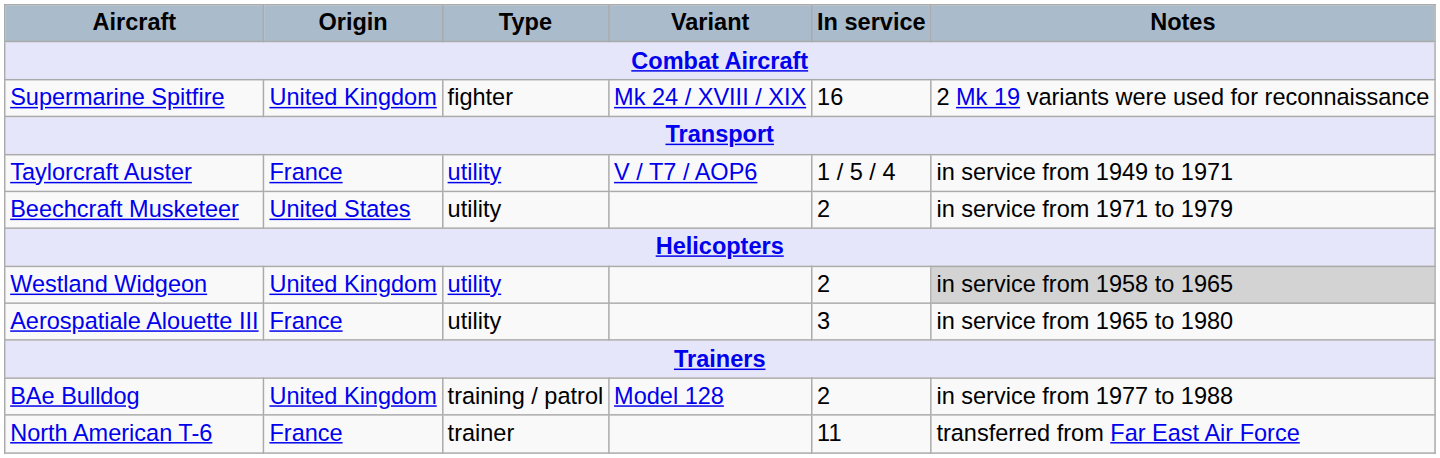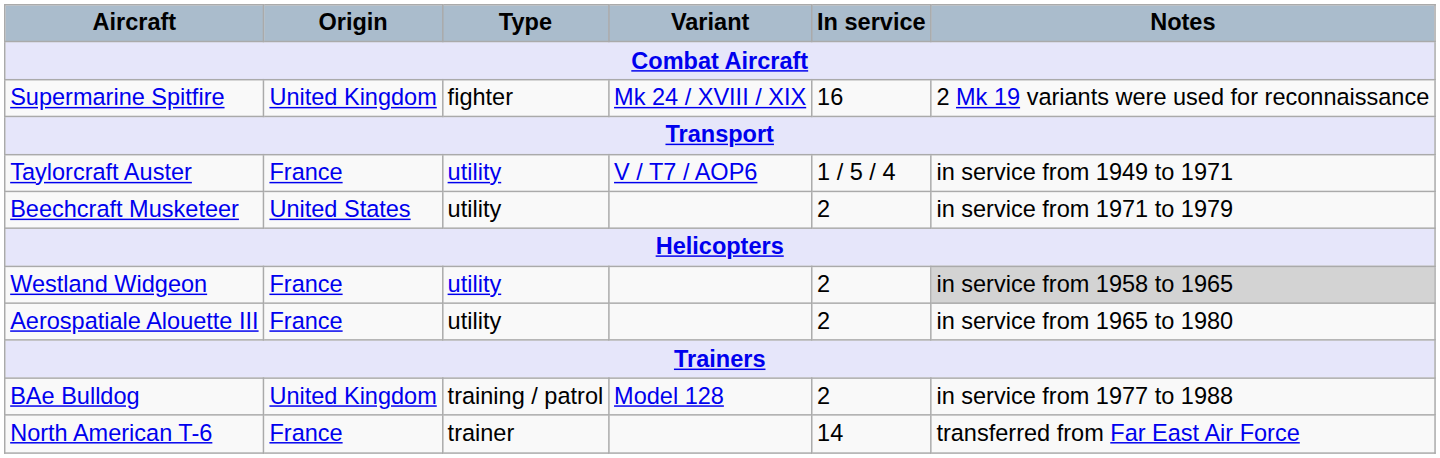 <table class="wikitable">
 <tr>
 <th style="text-align:center; background:#aabccc;">Aircraft</th>
 <th style="text-align:center; background:#aabccc;">Origin</th>
 <th ! style="text-align:center; background:#aabccc;">Type</th>
 <th style="text-align:center; background:#aabccc;">Variant</th>
 <th style="text-align:center; background:#aabccc;">In service</th>
 <th style="text-align:center; background:#aabccc;">Notes</th>
 </tr>
 <tr>
 <th style="align: center; background: lavender;" colspan="7"><a href='#'>Combat Aircraft</a></th>
 </tr>
 <tr>
 <td><a href='#'>Supermarine Spitfire</a></td>
 <td><a href='#'>United Kingdom</a></td>
 <td>fighter</td>
 <td><a href='#'>Mk 24 / XVIII / XIX</a></td>
 <td>16</td>
 <td>2 <a href='#'>Mk 19</a> variants were used for reconnaissance</td>
 </tr>
 <tr>
 <th style="align: center; background: lavender;" colspan="7"><a href='#'>Transport</a></th>
 </tr>
 <tr>
 <td><a href='#'>Taylorcraft Auster</a></td>
 <td><a href='#'>France</a></td>
 <td><a href='#'>utility</a></td>
 <td><a href='#'>V / T7 / AOP6</a></td>
 <td>1 / 5 / 4</td>
 <td>in service from 1949 to 1971</td>
 </tr>
 <tr>
 <td><a href='#'>Beechcraft Musketeer</a></td>
 <td><a href='#'>United States</a></td>
 <td>utility</td>
 <td></td>
 <td>2</td>
 <td>in service from 1971 to 1979</td>
 </tr>
 <tr>
 <th style="align: center; background: lavender;" colspan="7"><a href='#'>Helicopters</a></th>
 </tr>
 <tr>
 <td><a href='#'>Westland Widgeon</a></td>
-<td><a href='#'>United Kingdom</a></td>
+<td><a href='#'>France</a></td>
 <td><a href='#'>utility</a></td>
 <td></td>
 <td>2</td>
 <td style="background: lightgrey;">in service from 1958 to 1965</td>
 </tr>
 <tr>
 <td><a href='#'>Aerospatiale Alouette III</a></td>
 <td><a href='#'>France</a></td>
 <td>utility</td>
 <td></td>
-<td>3</td>
+<td>2</td>
 <td>in service from 1965 to 1980</td>
 </tr>
 <tr>
 <th style="align: center; background: lavender;" colspan="7"><a href='#'>Trainers</a></th>
 </tr>
 <tr>
 <td><a href='#'>BAe Bulldog</a></td>
 <td><a href='#'>United Kingdom</a></td>
 <td>training / patrol</td>
 <td><a href='#'>Model 128</a></td>
 <td>2</td>
 <td>in service from 1977 to 1988</td>
 </tr>
 <tr>
 <td><a href='#'>North American T-6</a></td>
 <td><a href='#'>France</a></td>
 <td>trainer</td>
 <td></td>
-<td>11</td>
+<td>14</td>
 <td>transferred from <a href='#'>Far East Air Force</a></td>
 </tr>
 </table>
